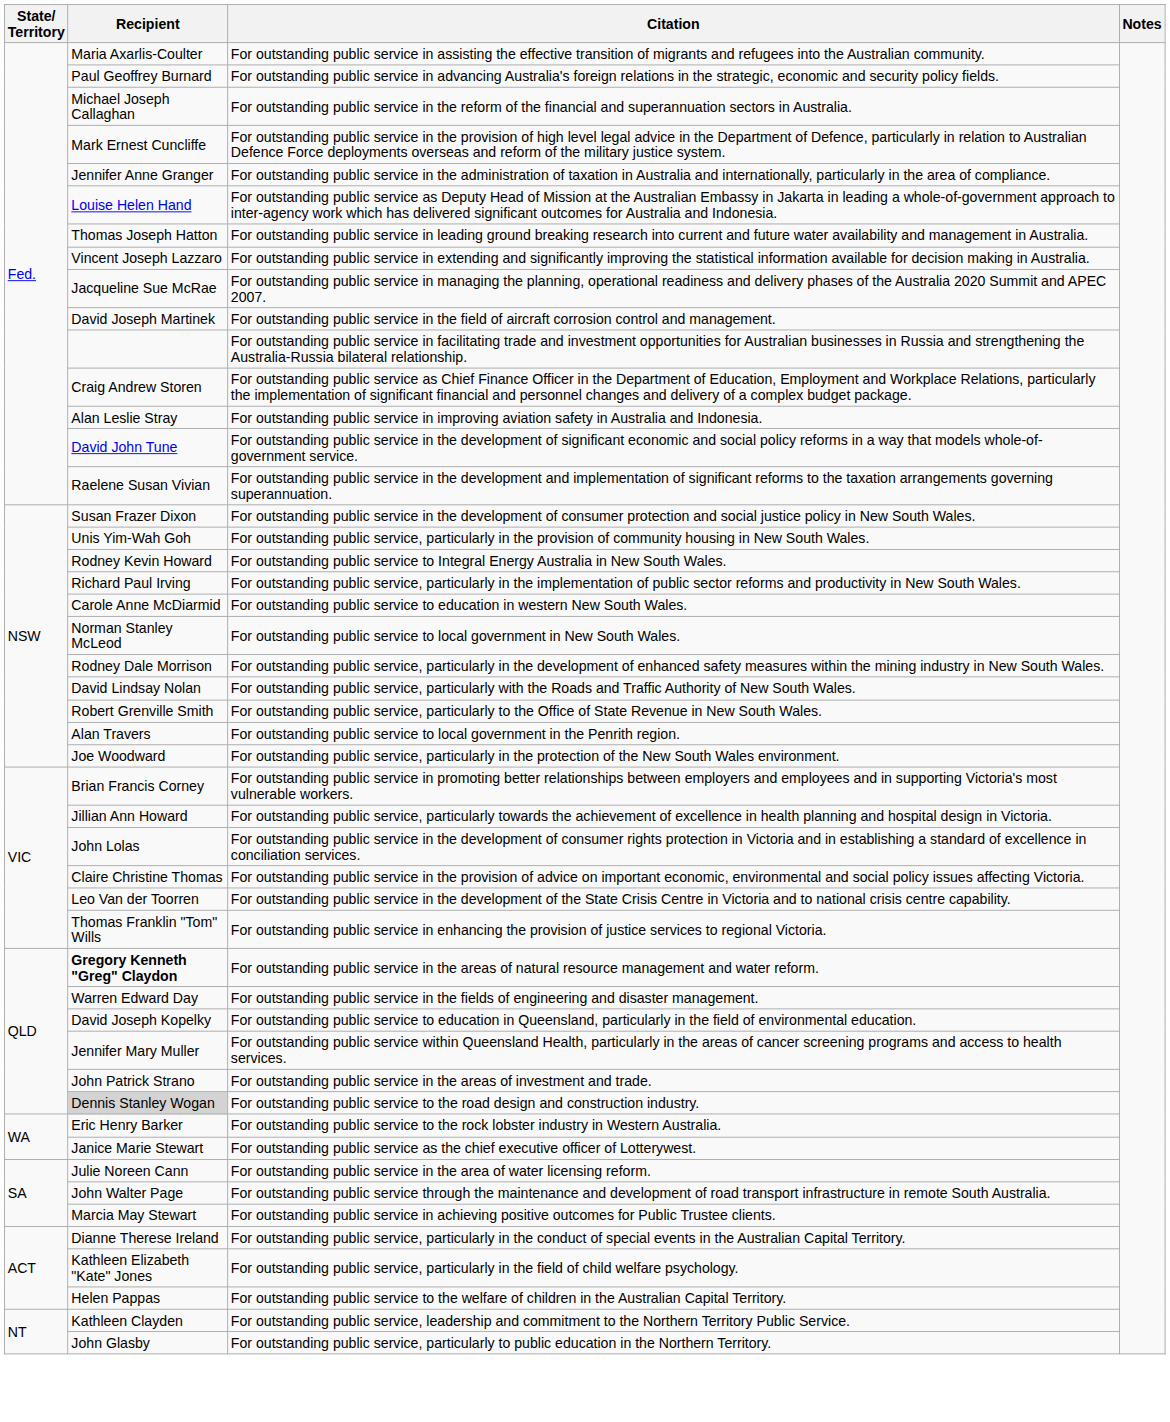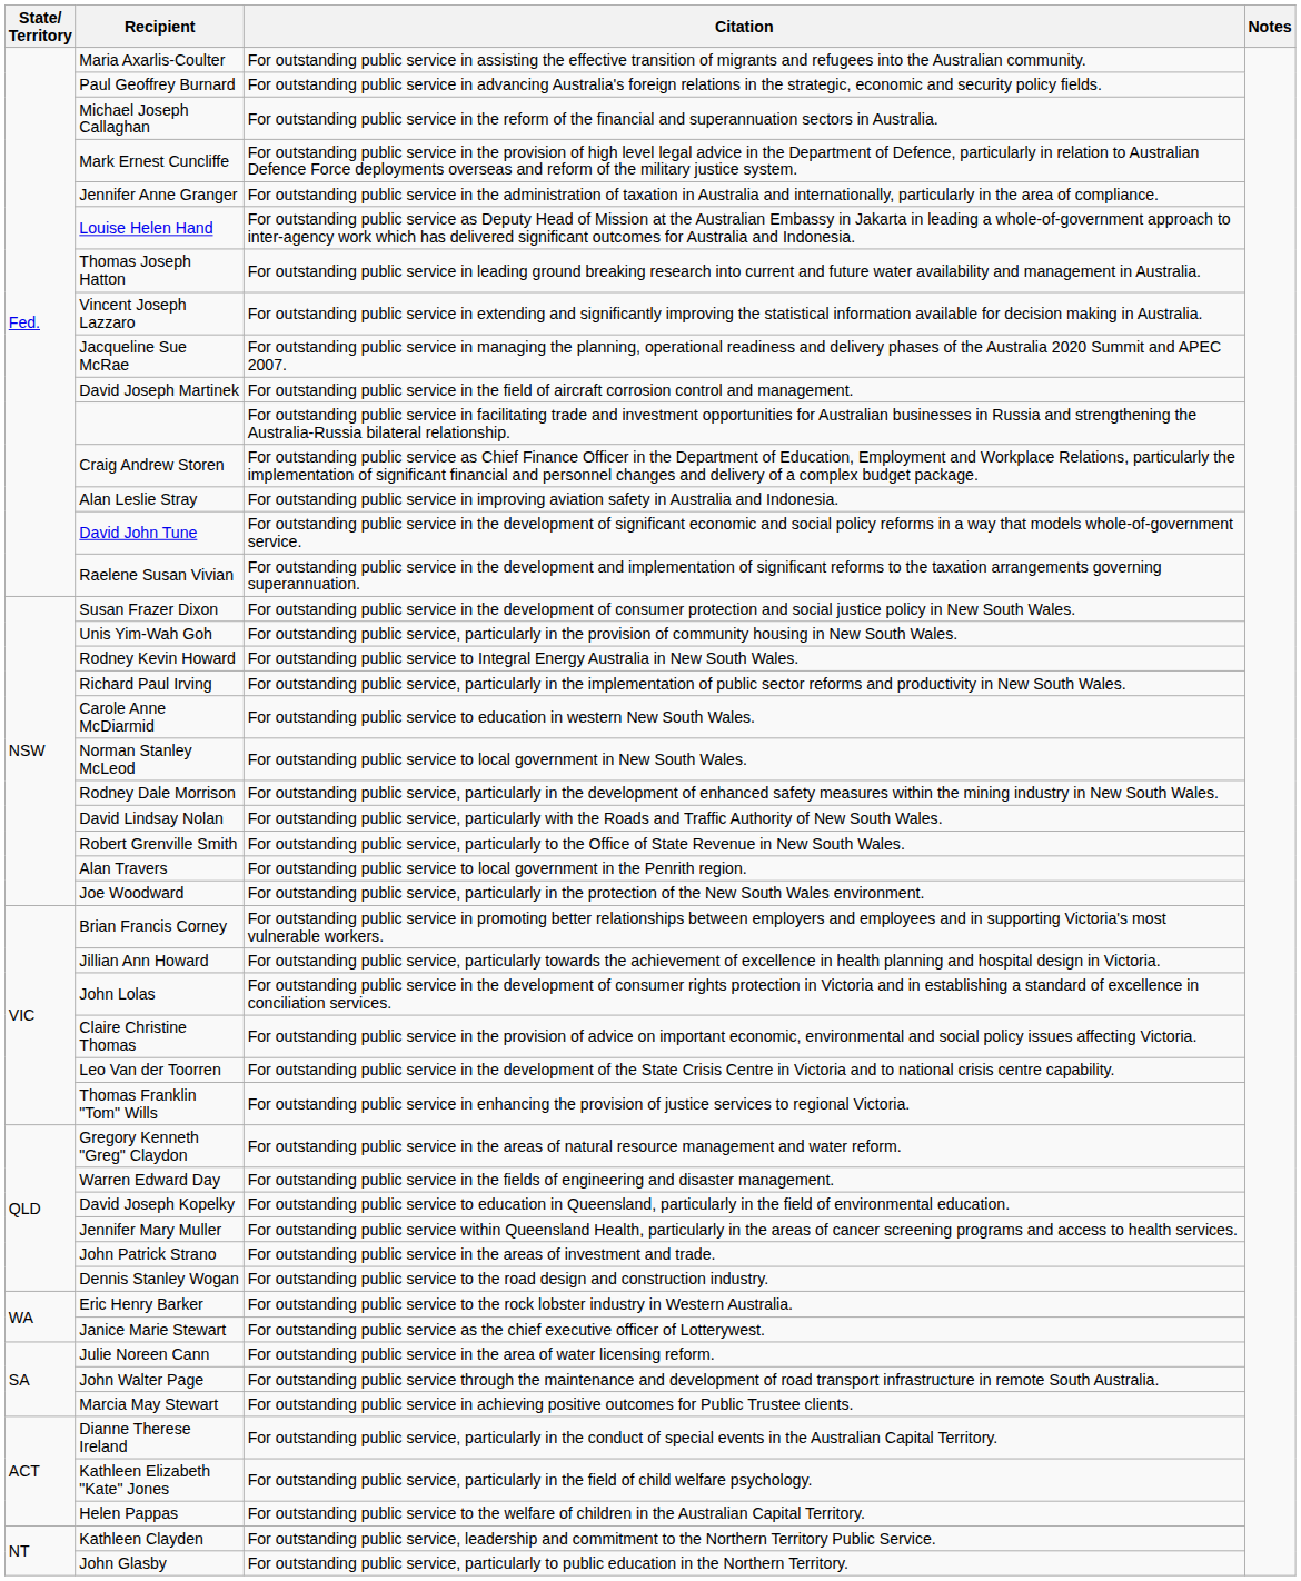 <table class="wikitable" style="font-size:95%;">
 <tr>
 <th>State/<br>Territory</th>
 <th>Recipient</th>
 <th>Citation</th>
 <th>Notes</th>
 </tr>
 <tr>
 <td rowspan=15><a href='#'>Fed.</a></td>
 <td>Maria Axarlis-Coulter</td>
 <td>For outstanding public service in assisting the effective transition of migrants and refugees into the Australian community.</td>
 <td rowspan=48></td>
 </tr>
 <tr>
 <td>Paul Geoffrey Burnard</td>
 <td>For outstanding public service in advancing Australia's foreign relations in the strategic, economic and security policy fields.</td>
 </tr>
 <tr>
 <td>Michael Joseph Callaghan</td>
 <td>For outstanding public service in the reform of the financial and superannuation sectors in Australia.</td>
 </tr>
 <tr>
 <td>Mark Ernest Cuncliffe</td>
 <td>For outstanding public service in the provision of high level legal advice in the Department of Defence, particularly in relation to Australian Defence Force deployments overseas and reform of the military justice system.</td>
 </tr>
 <tr>
 <td>Jennifer Anne Granger</td>
 <td>For outstanding public service in the administration of taxation in Australia and internationally, particularly in the area of compliance.</td>
 </tr>
 <tr>
 <td><a href='#'>Louise Helen Hand</a></td>
 <td>For outstanding public service as Deputy Head of Mission at the Australian Embassy in Jakarta in leading a whole-of-government approach to inter-agency work which has delivered significant outcomes for Australia and Indonesia.</td>
 </tr>
 <tr>
 <td> Thomas Joseph Hatton</td>
 <td>For outstanding public service in leading ground breaking research into current and future water availability and management in Australia.</td>
 </tr>
 <tr>
 <td>Vincent Joseph Lazzaro</td>
 <td>For outstanding public service in extending and significantly improving the statistical information available for decision making in Australia.</td>
 </tr>
 <tr>
 <td>Jacqueline Sue McRae</td>
 <td>For outstanding public service in managing the planning, operational readiness and delivery phases of the Australia 2020 Summit and APEC 2007.</td>
 </tr>
 <tr>
 <td>David Joseph Martinek</td>
 <td>For outstanding public service in the field of aircraft corrosion control and management.</td>
 </tr>
 <tr>
 <td></td>
 <td>For outstanding public service in facilitating trade and investment opportunities for Australian businesses in Russia and strengthening the Australia-Russia bilateral relationship.</td>
 </tr>
 <tr>
 <td>Craig Andrew Storen</td>
 <td>For outstanding public service as Chief Finance Officer in the Department of Education, Employment and Workplace Relations, particularly the implementation of significant financial and personnel changes and delivery of a complex budget package.</td>
 </tr>
 <tr>
 <td>Alan Leslie Stray</td>
 <td>For outstanding public service in improving aviation safety in Australia and Indonesia.</td>
 </tr>
 <tr>
 <td><a href='#'>David John Tune</a></td>
 <td>For outstanding public service in the development of significant economic and social policy reforms in a way that models whole-of-government service.</td>
 </tr>
 <tr>
 <td>Raelene Susan Vivian</td>
 <td>For outstanding public service in the development and implementation of significant reforms to the taxation arrangements governing superannuation.</td>
 </tr>
 <tr>
 <td rowspan=11>NSW</td>
 <td>Susan Frazer Dixon</td>
 <td>For outstanding public service in the development of consumer protection and social justice policy in New South Wales.</td>
 </tr>
 <tr>
 <td>Unis Yim-Wah Goh</td>
 <td>For outstanding public service, particularly in the provision of community housing in New South Wales.</td>
 </tr>
 <tr>
 <td>Rodney Kevin Howard</td>
 <td>For outstanding public service to Integral Energy Australia in New South Wales.</td>
 </tr>
 <tr>
 <td>Richard Paul Irving </td>
 <td>For outstanding public service, particularly in the implementation of public sector reforms and productivity in New South Wales.</td>
 </tr>
 <tr>
 <td>Carole Anne McDiarmid</td>
 <td>For outstanding public service to education in western New South Wales.</td>
 </tr>
 <tr>
 <td>Norman Stanley McLeod</td>
 <td>For outstanding public service to local government in New South Wales.</td>
 </tr>
 <tr>
 <td>Rodney Dale Morrison</td>
 <td>For outstanding public service, particularly in the development of enhanced safety measures within the mining industry in New South Wales.</td>
 </tr>
 <tr>
 <td>David Lindsay Nolan</td>
 <td>For outstanding public service, particularly with the Roads and Traffic Authority of New South Wales.</td>
 </tr>
 <tr>
 <td>Robert Grenville Smith</td>
 <td>For outstanding public service, particularly to the Office of State Revenue in New South Wales.</td>
 </tr>
 <tr>
 <td>Alan Travers</td>
 <td>For outstanding public service to local government in the Penrith region.</td>
 </tr>
 <tr>
 <td>Joe Woodward</td>
 <td>For outstanding public service, particularly in the protection of the New South Wales environment.</td>
 </tr>
 <tr>
 <td rowspan=6>VIC</td>
 <td>Brian Francis Corney</td>
 <td>For outstanding public service in promoting better relationships between employers and employees and in supporting Victoria's most vulnerable workers.</td>
 </tr>
 <tr>
 <td>Jillian Ann Howard</td>
 <td>For outstanding public service, particularly towards the achievement of excellence in health planning and hospital design in Victoria.</td>
 </tr>
 <tr>
 <td>John Lolas</td>
 <td>For outstanding public service in the development of consumer rights protection in Victoria and in establishing a standard of excellence in conciliation services.</td>
 </tr>
 <tr>
 <td>Claire Christine Thomas</td>
 <td>For outstanding public service in the provision of advice on important economic, environmental and social policy issues affecting Victoria.</td>
 </tr>
 <tr>
 <td>Leo Van der Toorren</td>
 <td>For outstanding public service in the development of the State Crisis Centre in Victoria and to national crisis centre capability.</td>
 </tr>
 <tr>
 <td>Thomas Franklin "Tom" Wills</td>
 <td>For outstanding public service in enhancing the provision of justice services to regional Victoria.</td>
 </tr>
 <tr>
 <td rowspan=6>QLD</td>
-<td><strong>Gregory Kenneth "Greg" Claydon</strong></td>
+<td>Gregory Kenneth "Greg" Claydon</td>
 <td>For outstanding public service in the areas of natural resource management and water reform.</td>
 </tr>
 <tr>
 <td>Warren Edward Day</td>
 <td>For outstanding public service in the fields of engineering and disaster management.</td>
 </tr>
 <tr>
 <td>David Joseph Kopelky</td>
 <td>For outstanding public service to education in Queensland, particularly in the field of environmental education.</td>
 </tr>
 <tr>
 <td>Jennifer Mary Muller</td>
 <td>For outstanding public service within Queensland Health, particularly in the areas of cancer screening programs and access to health services.</td>
 </tr>
 <tr>
 <td>John Patrick Strano</td>
 <td>For outstanding public service in the areas of investment and trade.</td>
 </tr>
 <tr>
-<td style="background: lightgrey;">Dennis Stanley Wogan</td>
+<td>Dennis Stanley Wogan</td>
 <td>For outstanding public service to the road design and construction industry.</td>
 </tr>
 <tr>
 <td rowspan=2>WA</td>
 <td>Eric Henry Barker</td>
 <td>For outstanding public service to the rock lobster industry in Western Australia.</td>
 </tr>
 <tr>
 <td>Janice Marie Stewart</td>
 <td>For outstanding public service as the chief executive officer of Lotterywest.</td>
 </tr>
 <tr>
 <td rowspan=3>SA</td>
 <td>Julie Noreen Cann</td>
 <td>For outstanding public service in the area of water licensing reform.</td>
 </tr>
 <tr>
 <td>John Walter Page</td>
 <td>For outstanding public service through the maintenance and development of road transport infrastructure in remote South Australia.</td>
 </tr>
 <tr>
 <td>Marcia May Stewart</td>
 <td>For outstanding public service in achieving positive outcomes for Public Trustee clients.</td>
 </tr>
 <tr>
 <td rowspan=3>ACT</td>
 <td>Dianne Therese Ireland</td>
 <td>For outstanding public service, particularly in the conduct of special events in the Australian Capital Territory.</td>
 </tr>
 <tr>
 <td>Kathleen Elizabeth "Kate" Jones</td>
 <td>For outstanding public service, particularly in the field of child welfare psychology.</td>
 </tr>
 <tr>
 <td>Helen Pappas</td>
 <td>For outstanding public service to the welfare of children in the Australian Capital Territory.</td>
 </tr>
 <tr>
 <td rowspan=2>NT</td>
 <td>Kathleen Clayden</td>
 <td>For outstanding public service, leadership and commitment to the Northern Territory Public Service.</td>
 </tr>
 <tr>
 <td>John Glasby</td>
 <td>For outstanding public service, particularly to public education in the Northern Territory.</td>
 </tr>
 </table>
